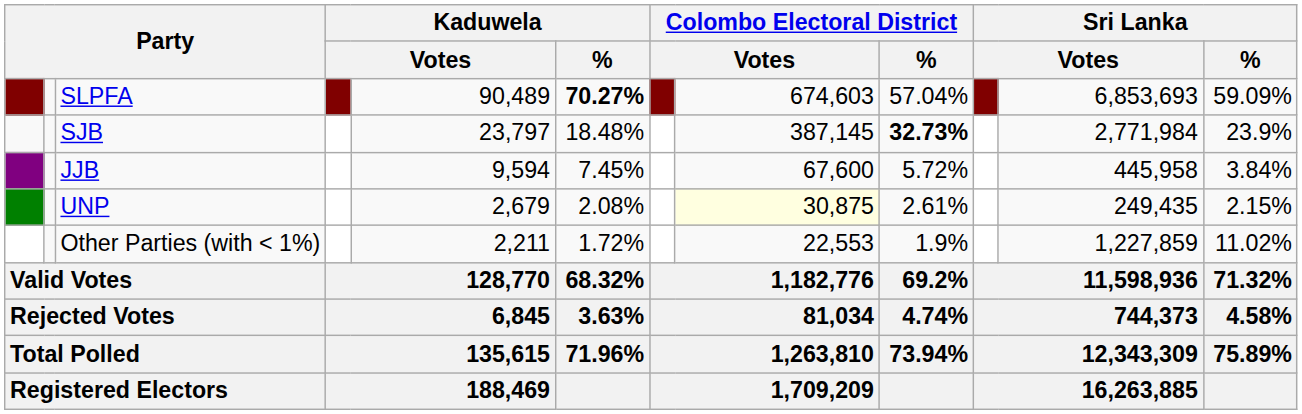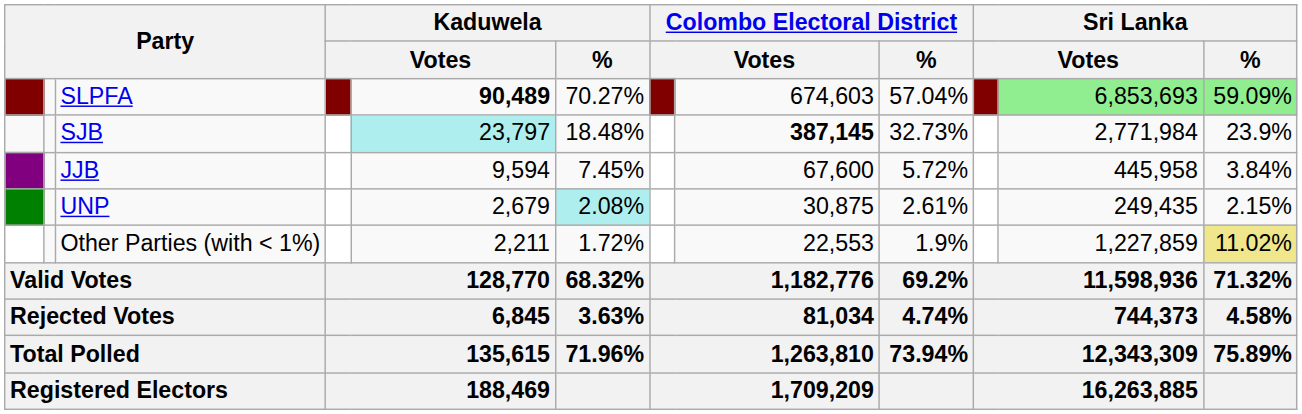 <table class="wikitable">
 <tr>
 <th colspan="3" width="144px"rowspan="2">Party</th>
 <th colspan="3" width="216px">Kaduwela</th>
 <th colspan="3" width="216px"><a href='#'>Colombo Electoral District</a></th>
 <th colspan="3" width="216px">Sri Lanka</th>
 </tr>
 <tr>
 <th colspan="2" width="144px">Votes</th>
 <th>%</th>
 <th colspan="2" width="144px">Votes</th>
 <th>%</th>
 <th colspan="2" width="144px">Votes</th>
 <th>%</th>
 </tr>
 <tr>
 <td style="background-color:maroon;" width="20px"></td>
 <td></td>
 <td style="text-align:left;"><a href='#'>SLPFA</a></td>
 <td style="background-color:maroon;" width="10px"></td>
-<td style="text-align:right;">90,489</td>
-<td style="text-align:right;"><strong>70.27%</strong></td>
+<td style="text-align:right;"><strong>90,489</strong></td>
+<td style="text-align:right;">70.27%</td>
 <td style="background-color:maroon;" width="10px"></td>
 <td style="text-align:right;">674,603</td>
 <td style="text-align:right;">57.04%</td>
 <td style="background-color:maroon;" width="10px"></td>
-<td style="text-align:right;">6,853,693</td>
-<td style="text-align:right;">59.09%</td>
+<td style="background: lightgreen; text-align:right;">6,853,693</td>
+<td style="background: lightgreen; text-align:right;">59.09%</td>
 </tr>
 <tr>
 <td style="background-color:"></td>
 <td></td>
 <td style="text-align:left;"><a href='#'>SJB</a></td>
 <td style="background-color:white;" width="10px"></td>
-<td style="text-align:right;">23,797</td>
+<td style="background: paleturquoise; text-align:right;">23,797</td>
 <td style="text-align:right;">18.48%</td>
 <td style="background-color:white;" width="10px"></td>
-<td style="text-align:right;">387,145</td>
-<td style="text-align:right;"><strong>32.73%</strong></td>
+<td style="text-align:right;"><strong>387,145</strong></td>
+<td style="text-align:right;">32.73%</td>
 <td style="background-color:white;" width="10px"></td>
 <td style="text-align:right;">2,771,984</td>
 <td style="text-align:right;">23.9%</td>
 </tr>
 <tr>
 <td style="background-color:purple;" width="20px"></td>
 <td></td>
 <td style="text-align:left;"><a href='#'>JJB</a></td>
 <td style="background-color:white;" width="10px"></td>
 <td style="text-align:right;">9,594</td>
 <td style="text-align:right;">7.45%</td>
 <td style="background-color:white;" width="10px"></td>
 <td style="text-align:right;">67,600</td>
 <td style="text-align:right;">5.72%</td>
 <td style="background-color:white;" width="10px"></td>
 <td style="text-align:right;">445,958</td>
 <td style="text-align:right;">3.84%</td>
 </tr>
 <tr>
 <td style="background-color:green;" width="20px"></td>
 <td></td>
 <td style="text-align:left;"><a href='#'>UNP</a></td>
 <td style="background-color:white;" width="10px"></td>
 <td style="text-align:right;">2,679</td>
-<td style="text-align:right;">2.08%</td>
+<td style="background: paleturquoise; text-align:right;">2.08%</td>
 <td style="background-color:white;" width="10px"></td>
-<td style="background: lightyellow; text-align:right;">30,875</td>
+<td style="text-align:right;">30,875</td>
 <td style="text-align:right;">2.61%</td>
 <td style="background-color:white;" width="10px"></td>
 <td style="text-align:right;">249,435</td>
 <td style="text-align:right;">2.15%</td>
 </tr>
 <tr>
 <td style="background-color:white;" width="20px"></td>
 <td></td>
 <td style="text-align:left;">Other Parties (with < 1%)</td>
 <td style="background-color:white;" width="10px"></td>
 <td style="text-align:right;">2,211</td>
 <td style="text-align:right;">1.72%</td>
 <td style="background-color:white;" width="10px"></td>
 <td style="text-align:right;">22,553</td>
 <td style="text-align:right;">1.9%</td>
 <td style="background-color:white;" width="10px"></td>
 <td style="text-align:right;">1,227,859</td>
-<td style="text-align:right;">11.02%</td>
+<td style="background: khaki; text-align:right;">11.02%</td>
 </tr>
 <tr>
 <th colspan="3" width="144px"style="text-align:left;">Valid Votes</th>
 <th style="text-align:right;"colspan="2" width="144px">128,770</th>
 <th style="text-align:right;">68.32%</th>
 <th style="text-align:right;"colspan="2" width="144px">1,182,776</th>
 <th style="text-align:right;">69.2%</th>
 <th style="text-align:right;"colspan="2" width="144px">11,598,936</th>
 <th style="text-align:right;">71.32%</th>
 </tr>
 <tr>
 <th colspan="3" width="144px"style="text-align:left;">Rejected Votes</th>
 <th style="text-align:right;"colspan="2" width="144px">6,845</th>
 <th style="text-align:right;">3.63%</th>
 <th style="text-align:right;"colspan="2" width="144px">81,034</th>
 <th style="text-align:right;">4.74%</th>
 <th style="text-align:right;"colspan="2" width="144px">744,373</th>
 <th style="text-align:right;">4.58%</th>
 </tr>
 <tr>
 <th colspan="3" width="144px"style="text-align:left;">Total Polled</th>
 <th style="text-align:right;"colspan="2" width="144px">135,615</th>
 <th style="text-align:right;">71.96%</th>
 <th style="text-align:right;"colspan="2" width="144px">1,263,810</th>
 <th style="text-align:right;">73.94%</th>
 <th style="text-align:right;"colspan="2" width="144px">12,343,309</th>
 <th style="text-align:right;">75.89%</th>
 </tr>
 <tr>
 <th colspan="3" width="144px"style="text-align:left;">Registered Electors</th>
 <th style="text-align:right;"colspan="2" width="144px">188,469</th>
 <th></th>
 <th style="text-align:right;"colspan="2" width="144px">1,709,209</th>
 <th></th>
 <th style="text-align:right;"colspan="2" width="144px">16,263,885</th>
 <th></th>
 </tr>
 </table>
